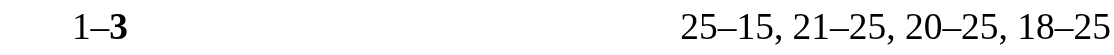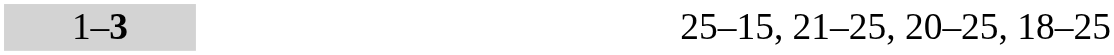 <table>
 <tr>
 <th width=200></th>
 <th width=80></th>
 <th width=200></th>
 <th width=220></th>
 </tr>
 <tr>
 <td align=right></td>
-<td align=center>1–<strong>3</strong></td>
+<td align=center style="background: lightgrey;">1–<strong>3</strong></td>
 <td><strong></strong></td>
 <td>25–15, 21–25, 20–25, 18–25</td>
 </tr>
 </table>
